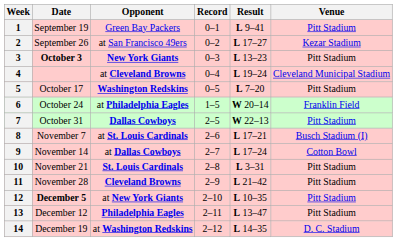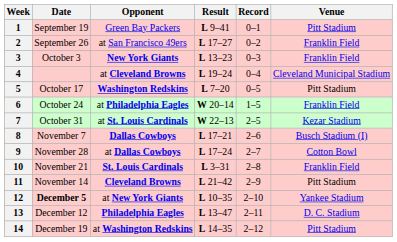 <table class="wikitable" style="text-align:center">
 <tr>
 <th>Week</th>
 <th>Date</th>
 <th>Opponent</th>
+<th>Result</th>
 <th>Record</th>
-<th>Result</th>
 <th>Venue</th>
 </tr>
 <tr style="background:#fcc">
 <th>1</th>
 <td>September 19</td>
 <td><a href='#'>Green Bay Packers</a></td>
+<td><strong>L</strong> 9–41</td>
 <td>0–1</td>
-<td><strong>L</strong> 9–41</td>
 <td><a href='#'>Pitt Stadium</a></td>
 </tr>
 <tr style="background:#fcc">
 <th>2</th>
 <td>September 26</td>
 <td>at <a href='#'>San Francisco 49ers</a></td>
+<td><strong>L</strong> 17–27</td>
 <td>0–2</td>
-<td><strong>L</strong> 17–27</td>
-<td><a href='#'>Kezar Stadium</a></td>
+<td><a href='#'>Franklin Field</a></td>
 </tr>
 <tr style="background:#fcc">
 <th>3</th>
-<td><strong>October 3</strong></td>
+<td>October 3</td>
 <td><strong><a href='#'>New York Giants</a></strong></td>
+<td><strong>L</strong> 13–23</td>
 <td>0–3</td>
-<td><strong>L</strong> 13–23</td>
-<td>Pitt Stadium</td>
+<td><a href='#'>Franklin Field</a></td>
 </tr>
 <tr style="background:#fcc">
 <th>4</th>
 <td></td>
 <td>at <strong><a href='#'>Cleveland Browns</a></strong></td>
+<td><strong>L</strong> 19–24</td>
 <td>0–4</td>
-<td><strong>L</strong> 19–24</td>
 <td><a href='#'>Cleveland Municipal Stadium</a></td>
 </tr>
 <tr style="background:#fcc">
 <th>5</th>
 <td>October 17</td>
 <td><strong><a href='#'>Washington Redskins</a></strong></td>
+<td><strong>L</strong> 7–20</td>
 <td>0–5</td>
-<td><strong>L</strong> 7–20</td>
 <td>Pitt Stadium</td>
 </tr>
 <tr style="background:#cfc">
 <th>6</th>
 <td>October 24</td>
 <td>at <strong><a href='#'>Philadelphia Eagles</a></strong></td>
+<td><strong>W</strong> 20–14</td>
 <td>1–5</td>
-<td><strong>W</strong> 20–14</td>
 <td><a href='#'>Franklin Field</a></td>
 </tr>
 <tr style="background:#cfc">
 <th>7</th>
 <td>October 31</td>
-<td><strong><a href='#'>Dallas Cowboys</a></strong></td>
+<td>at <strong><a href='#'>St. Louis Cardinals</a></strong></td>
+<td><strong>W</strong> 22–13</td>
 <td>2–5</td>
-<td><strong>W</strong> 22–13</td>
-<td><a href='#'>Pitt Stadium</a></td>
+<td><a href='#'>Kezar Stadium</a></td>
 </tr>
 <tr style="background:#fcc">
 <th>8</th>
 <td>November 7</td>
-<td>at <strong><a href='#'>St. Louis Cardinals</a></strong></td>
+<td><strong><a href='#'>Dallas Cowboys</a></strong></td>
+<td><strong>L</strong> 17–21</td>
 <td>2–6</td>
-<td><strong>L</strong> 17–21</td>
 <td><a href='#'>Busch Stadium (I)</a></td>
 </tr>
 <tr style="background:#fcc">
 <th>9</th>
-<td>November 14</td>
+<td>November 28</td>
 <td>at <strong><a href='#'>Dallas Cowboys</a></strong></td>
+<td><strong>L</strong> 17–24</td>
 <td>2–7</td>
-<td><strong>L</strong> 17–24</td>
 <td><a href='#'>Cotton Bowl</a></td>
 </tr>
 <tr style="background:#fcc">
 <th>10</th>
 <td>November 21</td>
 <td><strong><a href='#'>St. Louis Cardinals</a></strong></td>
+<td><strong>L</strong> 3–31</td>
 <td>2–8</td>
-<td><strong>L</strong> 3–31</td>
-<td>Pitt Stadium</td>
+<td><a href='#'>Franklin Field</a></td>
 </tr>
 <tr style="background:#fcc">
 <th>11</th>
-<td>November 28</td>
+<td>November 14</td>
 <td><strong><a href='#'>Cleveland Browns</a></strong></td>
+<td><strong>L</strong> 21–42</td>
 <td>2–9</td>
-<td><strong>L</strong> 21–42</td>
 <td>Pitt Stadium</td>
 </tr>
 <tr style="background:#fcc">
 <th>12</th>
 <td><strong>December 5</strong></td>
 <td>at <strong><a href='#'>New York Giants</a></strong></td>
+<td><strong>L</strong> 10–35</td>
 <td>2–10</td>
-<td><strong>L</strong> 10–35</td>
-<td><a href='#'>Pitt Stadium</a></td>
+<td><a href='#'>Yankee Stadium</a></td>
 </tr>
 <tr style="background:#fcc">
 <th>13</th>
 <td>December 12</td>
 <td><strong><a href='#'>Philadelphia Eagles</a></strong></td>
+<td><strong>L</strong> 13–47</td>
 <td>2–11</td>
-<td><strong>L</strong> 13–47</td>
-<td>Pitt Stadium</td>
+<td><a href='#'>D. C. Stadium</a></td>
 </tr>
 <tr style="background:#fcc">
 <th>14</th>
 <td>December 19</td>
 <td>at <strong><a href='#'>Washington Redskins</a></strong></td>
+<td><strong>L</strong> 14–35</td>
 <td>2–12</td>
-<td><strong>L</strong> 14–35</td>
-<td><a href='#'>D. C. Stadium</a></td>
+<td><a href='#'>Pitt Stadium</a></td>
 </tr>
 </table>
